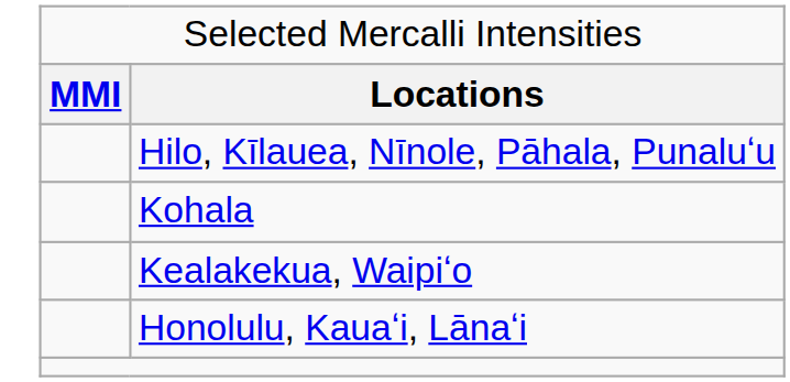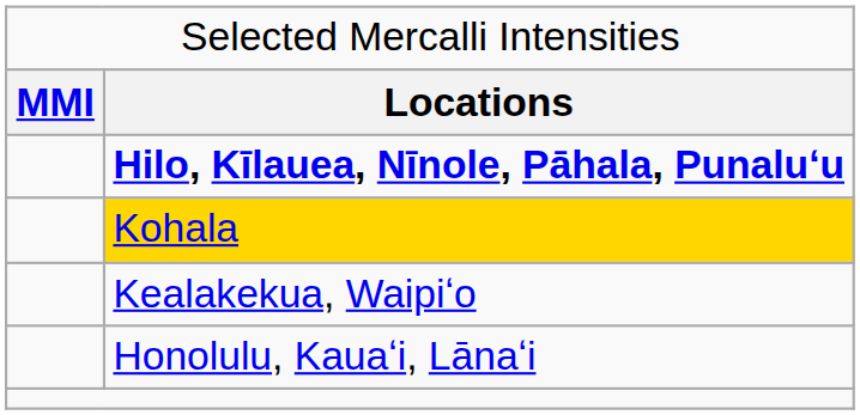 <table style="float: right;" border="3" class="wikitable">
 <tr>
 <td colspan="2" style="text-align: center;">Selected Mercalli Intensities</td>
 </tr>
 <tr>
 <th><a href='#'>MMI</a></th>
 <th>Locations</th>
 </tr>
 <tr>
 <td></td>
-<td><a href='#'>Hilo</a>, <a href='#'>Kīlauea</a>, <a href='#'>Nīnole</a>, <a href='#'>Pāhala</a>, <a href='#'>Punaluʻu</a></td>
+<td><strong><a href='#'>Hilo</a>, <a href='#'>Kīlauea</a>, <a href='#'>Nīnole</a>, <a href='#'>Pāhala</a>, <a href='#'>Punaluʻu</a></strong></td>
 </tr>
 <tr>
 <td></td>
-<td><a href='#'>Kohala</a></td>
+<td style="background: gold;"><a href='#'>Kohala</a></td>
 </tr>
 <tr>
 <td></td>
 <td><a href='#'>Kealakekua</a>, <a href='#'>Waipiʻo</a></td>
 </tr>
 <tr>
 <td></td>
 <td><a href='#'>Honolulu</a>, <a href='#'>Kauaʻi</a>, <a href='#'>Lānaʻi</a></td>
 </tr>
 <tr>
 <td colspan="3" style="text-align: center;"><small><span></span></small></td>
 </tr>
 </table>
